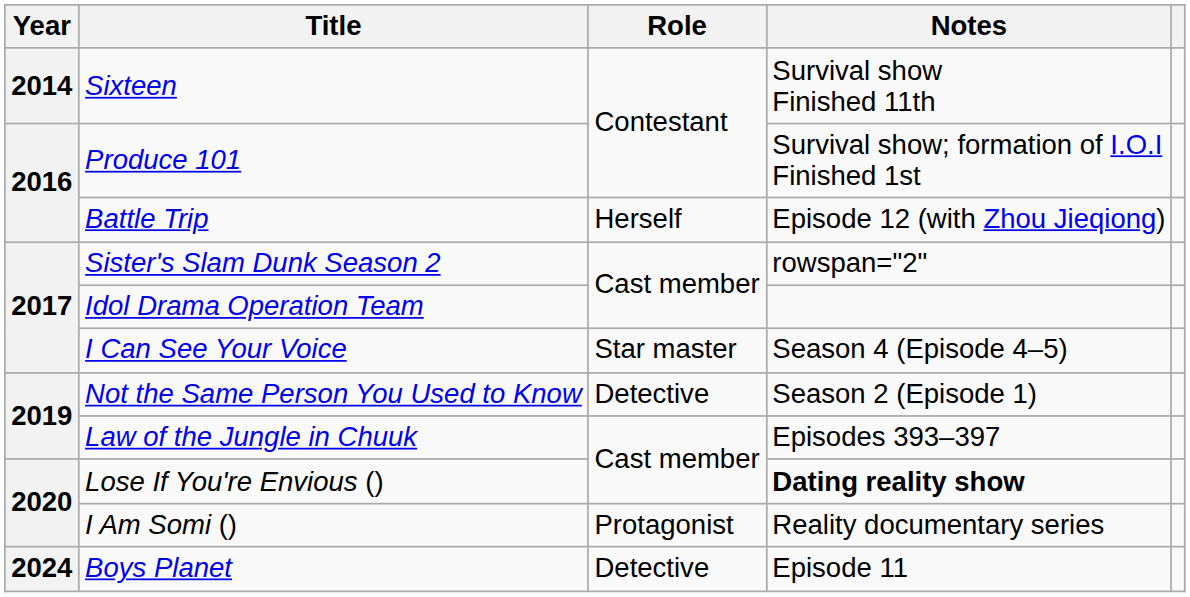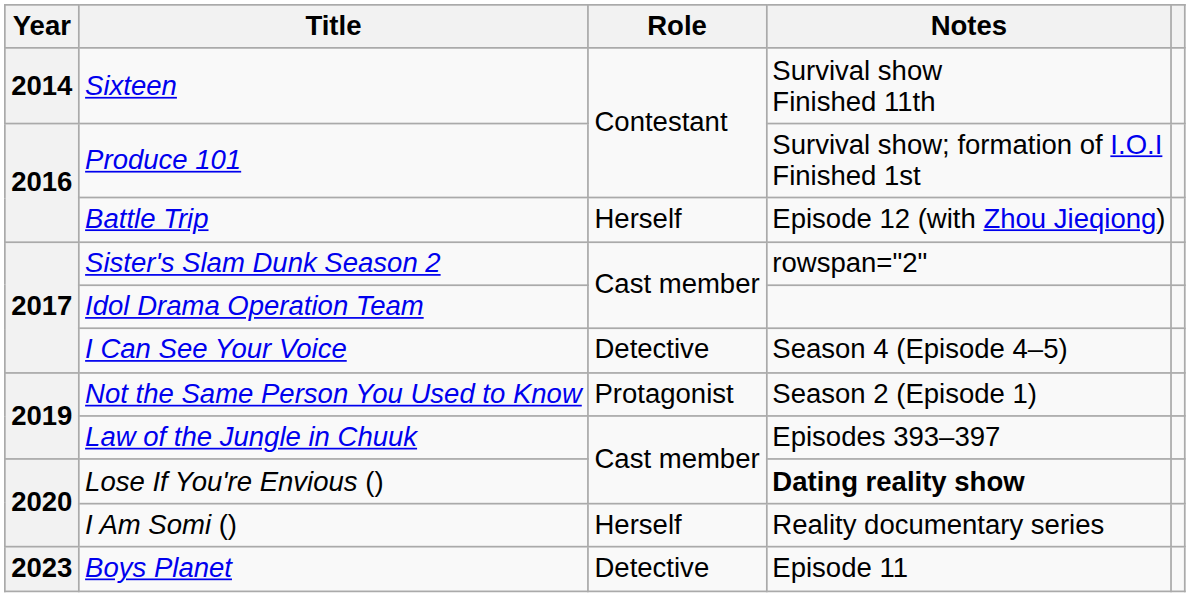 <table class="wikitable plainrowheaders sortable">
 <tr>
 <th scope="col">Year</th>
 <th scope="col">Title</th>
 <th scope="col">Role</th>
 <th scope="col">Notes</th>
 <th scope="col" class="unsortable"></th>
 </tr>
 <tr>
 <th scope="row">2014</th>
 <td><em><a href='#'>Sixteen</a></em></td>
 <td rowspan="2">Contestant</td>
 <td>Survival show<br>Finished 11th</td>
 <td style="text-align:center"></td>
 </tr>
 <tr>
 <th scope="row" rowspan="2">2016</th>
 <td><em><a href='#'>Produce 101</a></em></td>
 <td>Survival show; formation of <a href='#'>I.O.I</a><br>Finished 1st</td>
 <td style="text-align:center"></td>
 </tr>
 <tr>
 <td><em><a href='#'>Battle Trip</a></em></td>
 <td>Herself</td>
 <td>Episode 12 (with <a href='#'>Zhou Jieqiong</a>)</td>
 <td style="text-align:center"></td>
 </tr>
 <tr>
 <th scope="row" rowspan="3">2017</th>
 <td><em><a href='#'>Sister's Slam Dunk Season 2</a></em></td>
 <td rowspan="2">Cast member</td>
 <td>rowspan="2" </td>
 <td style="text-align:center"></td>
 </tr>
 <tr>
 <td><em><a href='#'>Idol Drama Operation Team</a></em></td>
 <td style="text-align:center"></td>
 </tr>
 <tr>
 <td><em><a href='#'>I Can See Your Voice</a></em></td>
-<td>Star master</td>
+<td>Detective</td>
 <td>Season 4 (Episode 4–5)</td>
 <td style="text-align:center"></td>
 </tr>
 <tr>
 <th scope="row" rowspan="2">2019</th>
 <td><em><a href='#'>Not the Same Person You Used to Know</a></em></td>
-<td>Detective</td>
+<td>Protagonist</td>
 <td>Season 2 (Episode 1)</td>
 <td style="text-align:center"></td>
 </tr>
 <tr>
 <td><em><a href='#'>Law of the Jungle in Chuuk</a></em></td>
 <td rowspan="2">Cast member</td>
 <td>Episodes 393–397</td>
 <td style="text-align:center"></td>
 </tr>
 <tr>
 <th scope="row" rowspan="2">2020</th>
 <td><em>Lose If You're Envious</em> ()</td>
 <td><strong>Dating reality show</strong></td>
 <td style="text-align:center"></td>
 </tr>
 <tr>
 <td><em>I Am Somi</em> ()</td>
-<td>Protagonist</td>
+<td>Herself</td>
 <td>Reality documentary series</td>
 <td style="text-align:center"></td>
 </tr>
 <tr>
-<th scope="row">2024</th>
+<th scope="row">2023</th>
 <td><em><a href='#'>Boys Planet</a></em></td>
 <td>Detective</td>
 <td>Episode 11</td>
 <td style="text-align:center"></td>
 </tr>
 </table>
